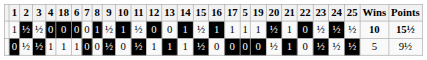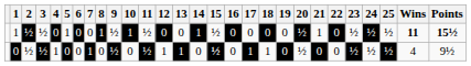 <table class="wikitable" style="text-align:center">
 <tr>
 <th></th>
 <th>1</th>
 <th>2</th>
 <th>3</th>
 <th>4</th>
-<th>18</th>
+<th>5</th>
 <th>6</th>
 <th>7</th>
 <th>8</th>
 <th>9</th>
 <th>10</th>
 <th>11</th>
 <th>12</th>
 <th>13</th>
 <th>14</th>
 <th>15</th>
 <th>16</th>
 <th>17</th>
-<th>5</th>
+<th>18</th>
 <th>19</th>
 <th>20</th>
 <th>21</th>
 <th>22</th>
 <th>23</th>
 <th>24</th>
 <th>25</th>
 <th>Wins</th>
 <th>Points</th>
 </tr>
 <tr>
 <td align=left></td>
 <td>1</td>
 <td style="background:black; color:white">½</td>
 <td>½</td>
 <td style="background:black; color:white">0</td>
-<td style="background:black; color:white">0</td>
+<td>1</td>
 <td style="background:black; color:white">0</td>
 <td>0</td>
 <td style="background:black; color:white">1</td>
 <td>½</td>
 <td style="background:black; color:white">1</td>
 <td>½</td>
 <td style="background:black; color:white">0</td>
 <td>0</td>
 <td style="background:black; color:white">1</td>
 <td>½</td>
-<td style="background:black; color:white">1</td>
-<td>1</td>
-<td>1</td>
-<td>1</td>
+<td style="background:black; color:white">0</td>
+<td>0</td>
+<td style="background:black; color:white">0</td>
+<td>0</td>
 <td style="background:black; color:white">½</td>
 <td>1</td>
 <td style="background:black; color:white">0</td>
 <td>½</td>
 <td style="background:black; color:white">½</td>
 <td>½</td>
-<td><strong>10</strong></td>
+<td><strong>11</strong></td>
 <td><strong>15½</strong></td>
 </tr>
 <tr>
 <td align=left></td>
 <td style="background:black; color:white">0</td>
 <td>½</td>
 <td style="background:black; color:white">½</td>
 <td>1</td>
-<td>1</td>
-<td>1</td>
 <td style="background:black; color:white">0</td>
+<td>0</td>
+<td style="background:black; color:white">1</td>
 <td>0</td>
 <td style="background:black; color:white">½</td>
 <td>0</td>
 <td style="background:black; color:white">½</td>
 <td>1</td>
 <td style="background:black; color:white">1</td>
+<td>0</td>
+<td style="background:black; color:white"><strong>½</strong></td>
+<td>0</td>
+<td style="background:black; color:white">1</td>
 <td>1</td>
-<td style="background:black; color:white">½</td>
-<td>0</td>
-<td style="background:black; color:white">0</td>
-<td style="background:black; color:white">0</td>
 <td style="background:black; color:white">0</td>
 <td>½</td>
-<td style="background:black; color:white">1</td>
+<td style="background:black; color:white">0</td>
 <td>0</td>
 <td style="background:black; color:white">½</td>
 <td>½</td>
 <td style="background:black; color:white">½</td>
-<td>5</td>
+<td>4</td>
 <td>9½</td>
 </tr>
 </table>
